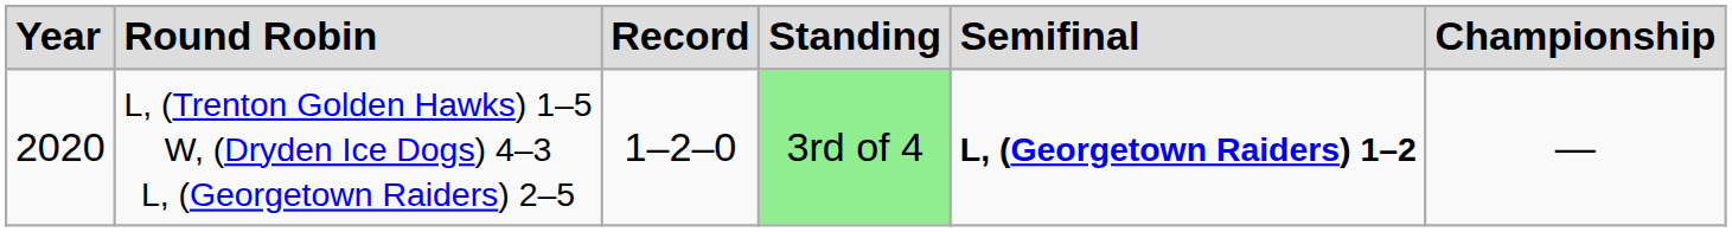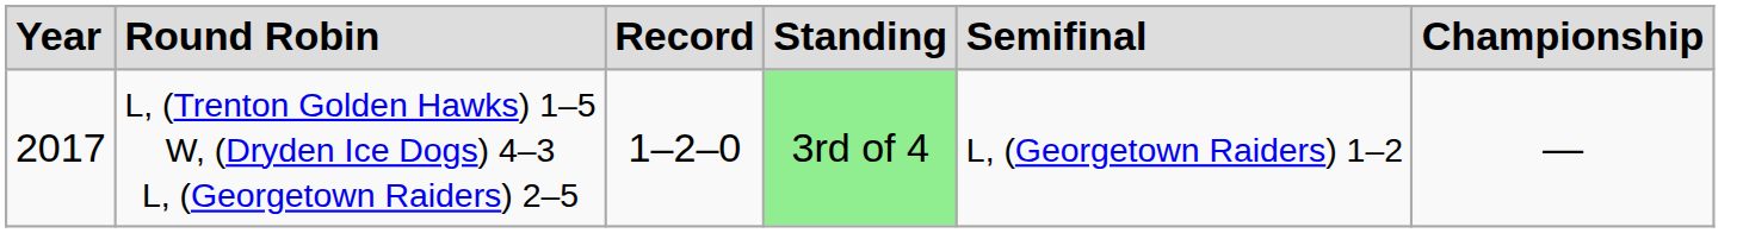 <table class="wikitable">
 <tr style="font-weight:bold; background-color:#dddddd;" |>
 <td>Year</td>
 <td>Round Robin</td>
 <td>Record</td>
 <td>Standing</td>
 <td>Semifinal</td>
 <td>Championship</td>
 </tr>
 <tr align=center>
-<td>2020</td>
+<td>2017</td>
 <td><small>L, (<a href='#'>Trenton Golden Hawks</a>) 1–5<br>W, (<a href='#'>Dryden Ice Dogs</a>) 4–3<br>L, (<a href='#'>Georgetown Raiders</a>) 2–5</small></td>
 <td>1–2–0</td>
 <td style="background: lightgreen;">3rd of 4</td>
-<td><strong><small>L, (<a href='#'>Georgetown Raiders</a>) 1–2</small></strong></td>
+<td><small>L, (<a href='#'>Georgetown Raiders</a>) 1–2</small></td>
 <td>—</td>
 </tr>
 </table>
